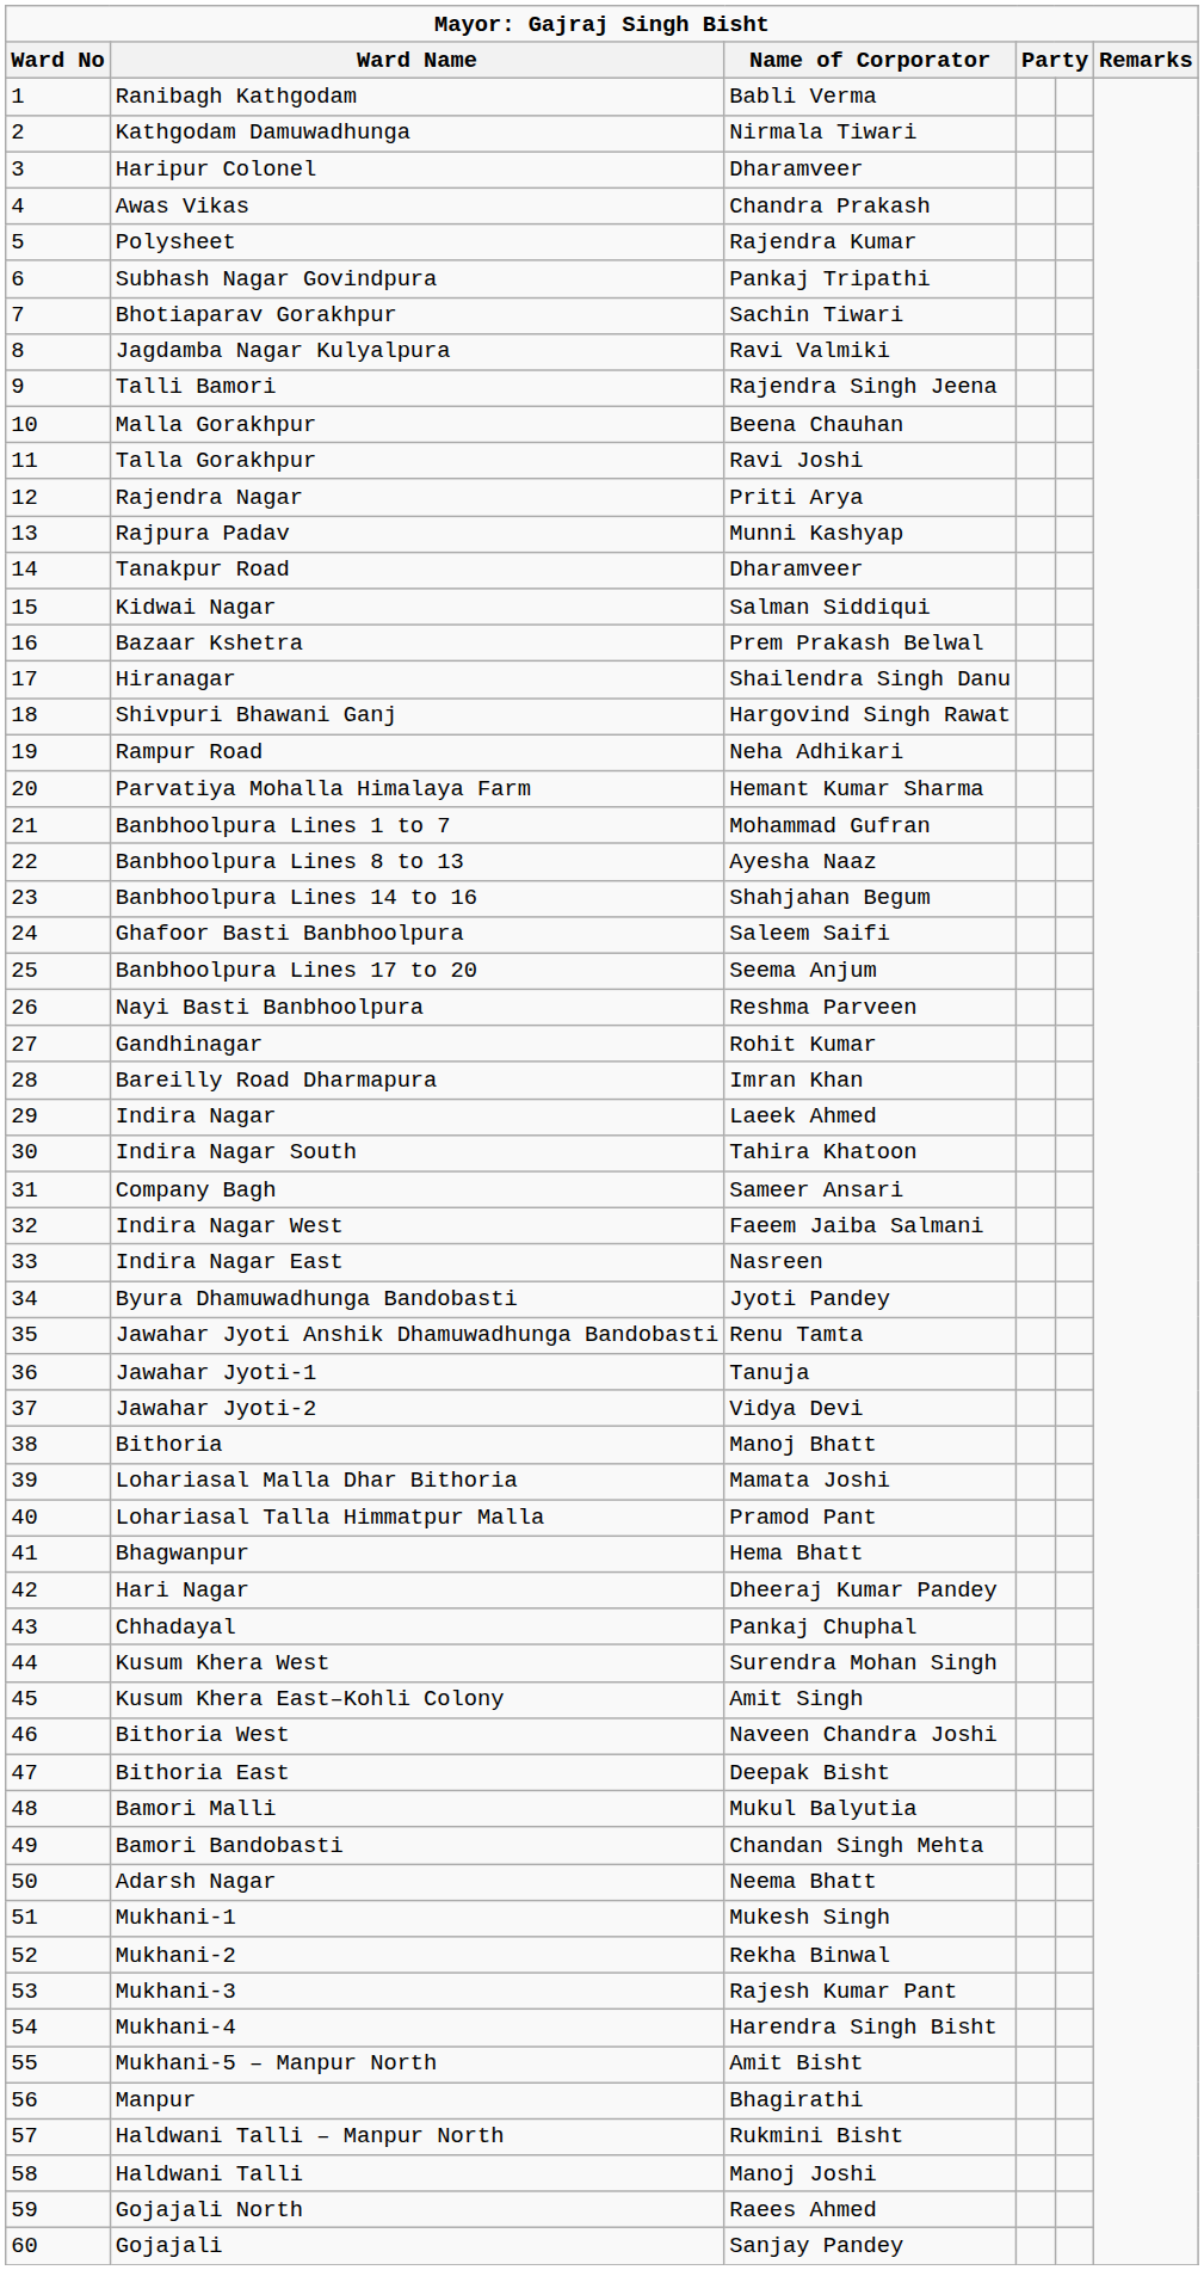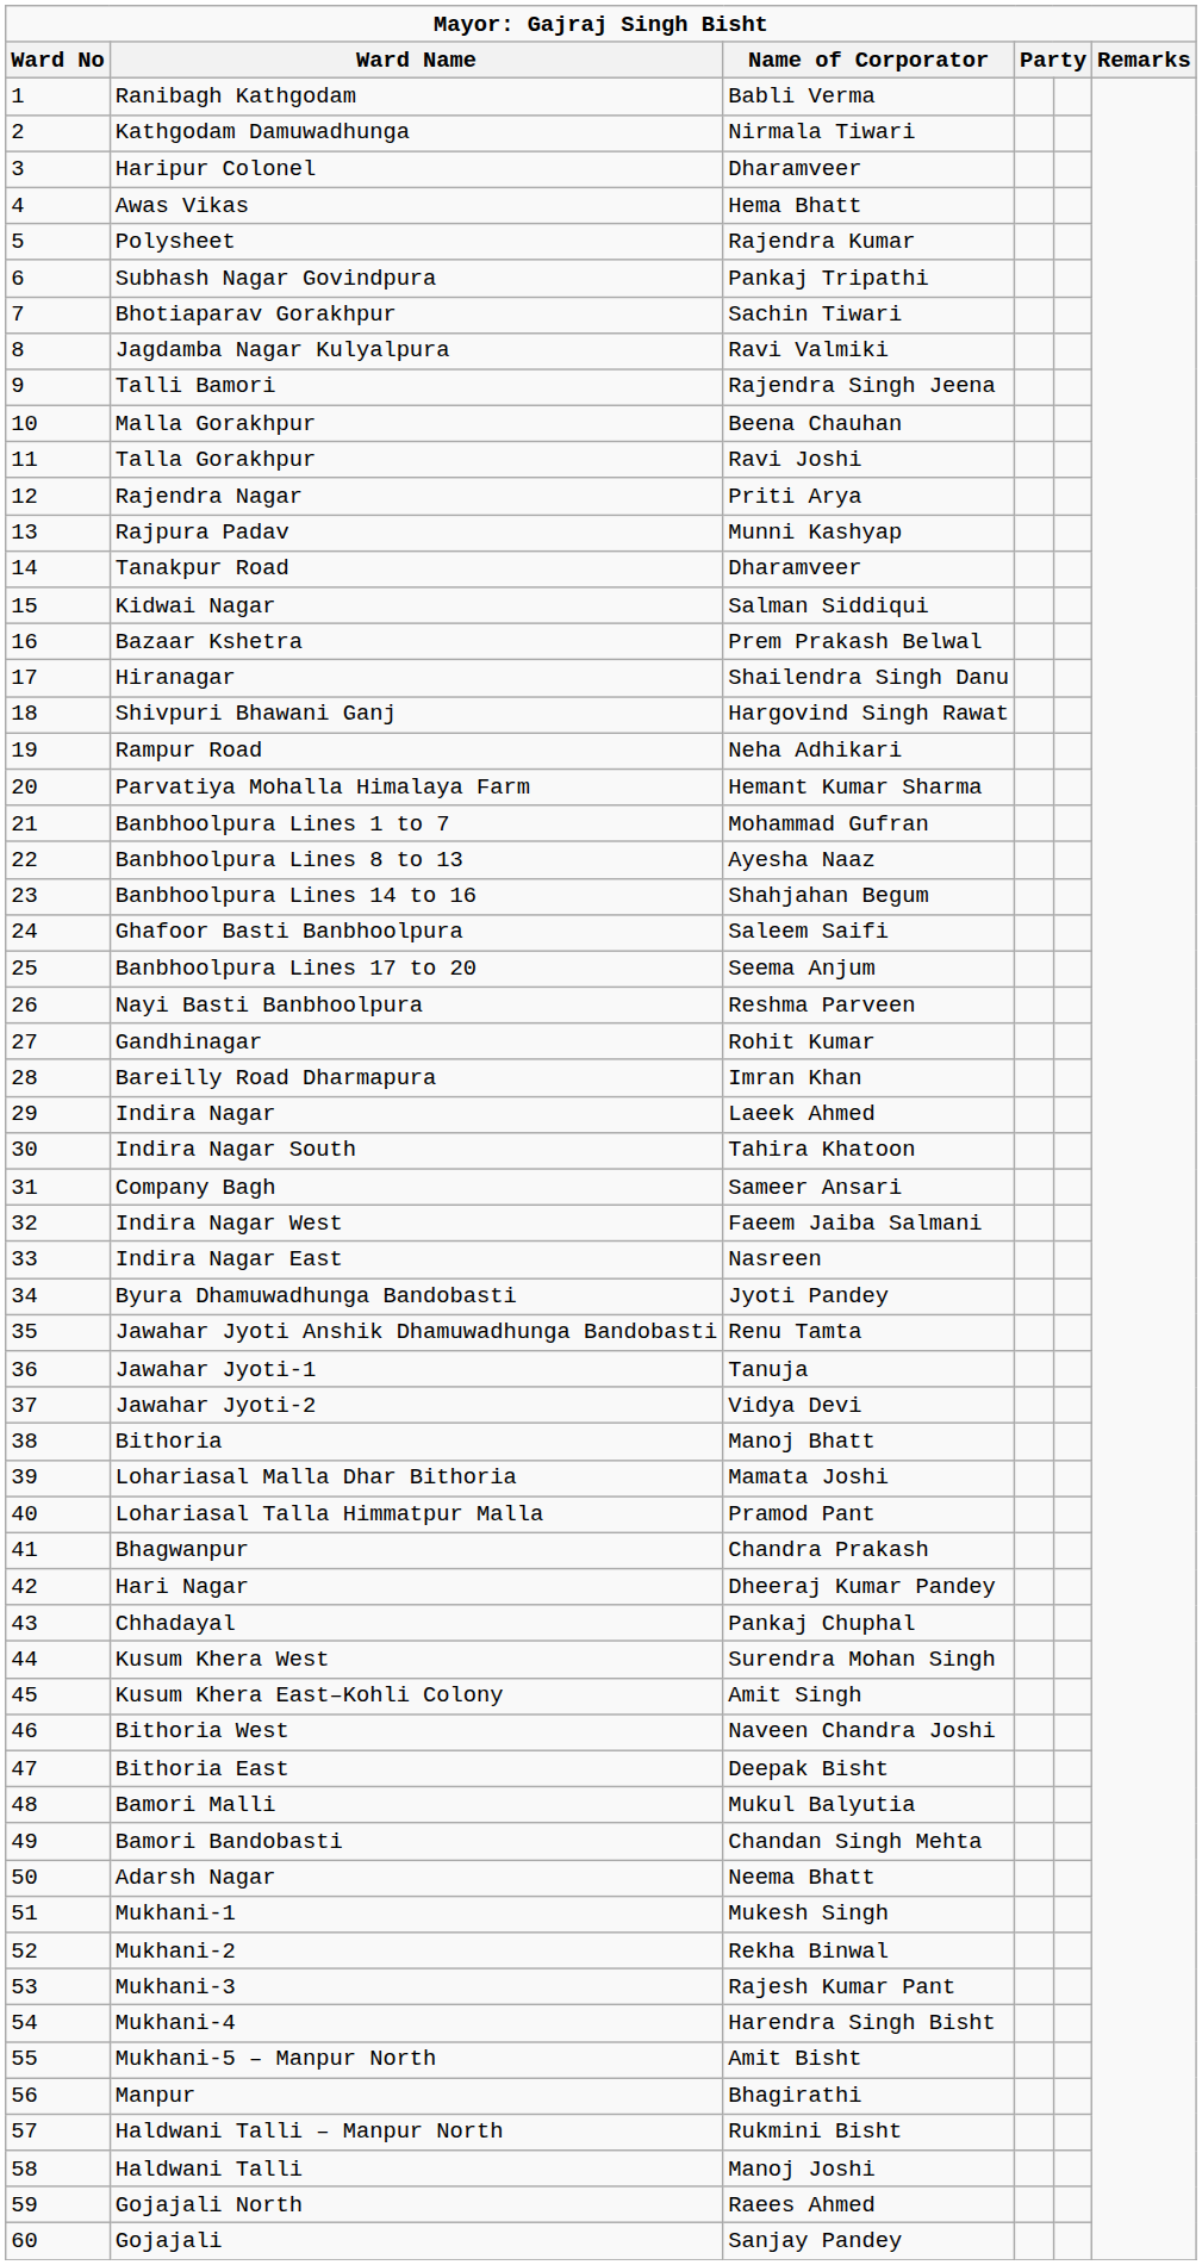 <table class="wikitable">
 <tr>
 <td colspan=6 align=center><span><strong>Mayor: Gajraj Singh Bisht</strong></span></td>
 </tr>
 <tr>
 <th>Ward No</th>
 <th>Ward Name</th>
 <th>Name of Corporator</th>
 <th colspan="2">Party</th>
 <th>Remarks</th>
 </tr>
 <tr>
 <td>1</td>
 <td>Ranibagh Kathgodam</td>
 <td>Babli Verma</td>
 <td></td>
 <td></td>
 </tr>
 <tr>
 <td>2</td>
 <td>Kathgodam Damuwadhunga</td>
 <td>Nirmala Tiwari</td>
 <td></td>
 <td></td>
 </tr>
 <tr>
 <td>3</td>
 <td>Haripur Colonel</td>
 <td>Dharamveer</td>
 <td></td>
 <td></td>
 </tr>
 <tr>
 <td>4</td>
 <td>Awas Vikas</td>
-<td>Chandra Prakash</td>
+<td>Hema Bhatt</td>
 <td></td>
 <td></td>
 </tr>
 <tr>
 <td>5</td>
 <td>Polysheet</td>
 <td>Rajendra Kumar</td>
 <td></td>
 <td></td>
 </tr>
 <tr>
 <td>6</td>
 <td>Subhash Nagar Govindpura</td>
 <td>Pankaj Tripathi</td>
 <td></td>
 <td></td>
 </tr>
 <tr>
 <td>7</td>
 <td>Bhotiaparav Gorakhpur</td>
 <td>Sachin Tiwari</td>
 <td></td>
 <td></td>
 </tr>
 <tr>
 <td>8</td>
 <td>Jagdamba Nagar Kulyalpura</td>
 <td>Ravi Valmiki</td>
 <td></td>
 <td></td>
 </tr>
 <tr>
 <td>9</td>
 <td>Talli Bamori</td>
 <td>Rajendra Singh Jeena</td>
 <td></td>
 <td></td>
 </tr>
 <tr>
 <td>10</td>
 <td>Malla Gorakhpur</td>
 <td>Beena Chauhan</td>
 <td></td>
 <td></td>
 </tr>
 <tr>
 <td>11</td>
 <td>Talla Gorakhpur</td>
 <td>Ravi Joshi</td>
 <td></td>
 <td></td>
 </tr>
 <tr>
 <td>12</td>
 <td>Rajendra Nagar</td>
 <td>Priti Arya</td>
 <td></td>
 <td></td>
 </tr>
 <tr>
 <td>13</td>
 <td>Rajpura Padav</td>
 <td>Munni Kashyap</td>
 <td></td>
 <td></td>
 </tr>
 <tr>
 <td>14</td>
 <td>Tanakpur Road</td>
 <td>Dharamveer</td>
 <td></td>
 <td></td>
 </tr>
 <tr>
 <td>15</td>
 <td>Kidwai Nagar</td>
 <td>Salman Siddiqui</td>
 <td></td>
 <td></td>
 </tr>
 <tr>
 <td>16</td>
 <td>Bazaar Kshetra</td>
 <td>Prem Prakash Belwal</td>
 <td></td>
 <td></td>
 </tr>
 <tr>
 <td>17</td>
 <td>Hiranagar</td>
 <td>Shailendra Singh Danu</td>
 <td></td>
 <td></td>
 </tr>
 <tr>
 <td>18</td>
 <td>Shivpuri Bhawani Ganj</td>
 <td>Hargovind Singh Rawat</td>
 <td></td>
 <td></td>
 </tr>
 <tr>
 <td>19</td>
 <td>Rampur Road</td>
 <td>Neha Adhikari</td>
 <td></td>
 <td></td>
 </tr>
 <tr>
 <td>20</td>
 <td>Parvatiya Mohalla Himalaya Farm</td>
 <td>Hemant Kumar Sharma</td>
 <td></td>
 <td></td>
 </tr>
 <tr>
 <td>21</td>
 <td>Banbhoolpura Lines 1 to 7</td>
 <td>Mohammad Gufran</td>
 <td></td>
 <td></td>
 </tr>
 <tr>
 <td>22</td>
 <td>Banbhoolpura Lines 8 to 13</td>
 <td>Ayesha Naaz</td>
 <td></td>
 <td></td>
 </tr>
 <tr>
 <td>23</td>
 <td>Banbhoolpura Lines 14 to 16</td>
 <td>Shahjahan Begum</td>
 <td></td>
 <td></td>
 </tr>
 <tr>
 <td>24</td>
 <td>Ghafoor Basti Banbhoolpura</td>
 <td>Saleem Saifi</td>
 <td></td>
 <td></td>
 </tr>
 <tr>
 <td>25</td>
 <td>Banbhoolpura Lines 17 to 20</td>
 <td>Seema Anjum</td>
 <td></td>
 <td></td>
 </tr>
 <tr>
 <td>26</td>
 <td>Nayi Basti Banbhoolpura</td>
 <td>Reshma Parveen</td>
 <td></td>
 <td></td>
 </tr>
 <tr>
 <td>27</td>
 <td>Gandhinagar</td>
 <td>Rohit Kumar</td>
 <td></td>
 <td></td>
 </tr>
 <tr>
 <td>28</td>
 <td>Bareilly Road Dharmapura</td>
 <td>Imran Khan</td>
 <td></td>
 <td></td>
 </tr>
 <tr>
 <td>29</td>
 <td>Indira Nagar</td>
 <td>Laeek Ahmed</td>
 <td></td>
 <td></td>
 </tr>
 <tr>
 <td>30</td>
 <td>Indira Nagar South</td>
 <td>Tahira Khatoon</td>
 <td></td>
 <td></td>
 </tr>
 <tr>
 <td>31</td>
 <td>Company Bagh</td>
 <td>Sameer Ansari</td>
 <td></td>
 <td></td>
 </tr>
 <tr>
 <td>32</td>
 <td>Indira Nagar West</td>
 <td>Faeem Jaiba Salmani</td>
 <td></td>
 <td></td>
 </tr>
 <tr>
 <td>33</td>
 <td>Indira Nagar East</td>
 <td>Nasreen</td>
 <td></td>
 <td></td>
 </tr>
 <tr>
 <td>34</td>
 <td>Byura Dhamuwadhunga Bandobasti</td>
 <td>Jyoti Pandey</td>
 <td></td>
 <td></td>
 </tr>
 <tr>
 <td>35</td>
 <td>Jawahar Jyoti Anshik Dhamuwadhunga Bandobasti</td>
 <td>Renu Tamta</td>
 <td></td>
 <td></td>
 </tr>
 <tr>
 <td>36</td>
 <td>Jawahar Jyoti-1</td>
 <td>Tanuja</td>
 <td></td>
 <td></td>
 </tr>
 <tr>
 <td>37</td>
 <td>Jawahar Jyoti-2</td>
 <td>Vidya Devi</td>
 <td></td>
 <td></td>
 </tr>
 <tr>
 <td>38</td>
 <td>Bithoria</td>
 <td>Manoj Bhatt</td>
 <td></td>
 <td></td>
 </tr>
 <tr>
 <td>39</td>
 <td>Lohariasal Malla Dhar Bithoria</td>
 <td>Mamata Joshi</td>
 <td></td>
 <td></td>
 </tr>
 <tr>
 <td>40</td>
 <td>Lohariasal Talla Himmatpur Malla</td>
 <td>Pramod Pant</td>
 <td></td>
 <td></td>
 </tr>
 <tr>
 <td>41</td>
 <td>Bhagwanpur</td>
-<td>Hema Bhatt</td>
+<td>Chandra Prakash</td>
 <td></td>
 <td></td>
 </tr>
 <tr>
 <td>42</td>
 <td>Hari Nagar</td>
 <td>Dheeraj Kumar Pandey</td>
 <td></td>
 <td></td>
 </tr>
 <tr>
 <td>43</td>
 <td>Chhadayal</td>
 <td>Pankaj Chuphal</td>
 <td></td>
 <td></td>
 </tr>
 <tr>
 <td>44</td>
 <td>Kusum Khera West</td>
 <td>Surendra Mohan Singh</td>
 <td></td>
 <td></td>
 </tr>
 <tr>
 <td>45</td>
 <td>Kusum Khera East–Kohli Colony</td>
 <td>Amit Singh</td>
 <td></td>
 <td></td>
 </tr>
 <tr>
 <td>46</td>
 <td>Bithoria West</td>
 <td>Naveen Chandra Joshi</td>
 <td></td>
 <td></td>
 </tr>
 <tr>
 <td>47</td>
 <td>Bithoria East</td>
 <td>Deepak Bisht</td>
 <td></td>
 <td></td>
 </tr>
 <tr>
 <td>48</td>
 <td>Bamori Malli</td>
 <td>Mukul Balyutia</td>
 <td></td>
 <td></td>
 </tr>
 <tr>
 <td>49</td>
 <td>Bamori Bandobasti</td>
 <td>Chandan Singh Mehta</td>
 <td></td>
 <td></td>
 </tr>
 <tr>
 <td>50</td>
 <td>Adarsh Nagar</td>
 <td>Neema Bhatt</td>
 <td></td>
 <td></td>
 </tr>
 <tr>
 <td>51</td>
 <td>Mukhani-1</td>
 <td>Mukesh Singh</td>
 <td></td>
 <td></td>
 </tr>
 <tr>
 <td>52</td>
 <td>Mukhani-2</td>
 <td>Rekha Binwal</td>
 <td></td>
 <td></td>
 </tr>
 <tr>
 <td>53</td>
 <td>Mukhani-3</td>
 <td>Rajesh Kumar Pant</td>
 <td></td>
 <td></td>
 </tr>
 <tr>
 <td>54</td>
 <td>Mukhani-4</td>
 <td>Harendra Singh Bisht</td>
 <td></td>
 <td></td>
 </tr>
 <tr>
 <td>55</td>
 <td>Mukhani-5 – Manpur North</td>
 <td>Amit Bisht</td>
 <td></td>
 <td></td>
 </tr>
 <tr>
 <td>56</td>
 <td>Manpur</td>
 <td>Bhagirathi</td>
 <td></td>
 <td></td>
 </tr>
 <tr>
 <td>57</td>
 <td>Haldwani Talli – Manpur North</td>
 <td>Rukmini Bisht</td>
 <td></td>
 <td></td>
 </tr>
 <tr>
 <td>58</td>
 <td>Haldwani Talli</td>
 <td>Manoj Joshi</td>
 <td></td>
 <td></td>
 </tr>
 <tr>
 <td>59</td>
 <td>Gojajali North</td>
 <td>Raees Ahmed</td>
 <td></td>
 <td></td>
 </tr>
 <tr>
 <td>60</td>
 <td>Gojajali</td>
 <td>Sanjay Pandey</td>
 <td></td>
 <td></td>
 </tr>
 </table>
